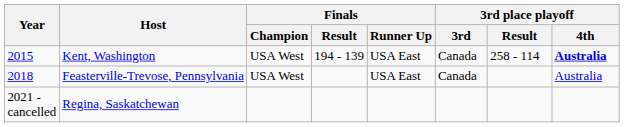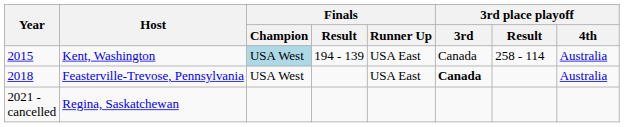 <table class="wikitable">
 <tr align=left style="background:#dfdfdf;">
 <th width=30 rowspan=2>Year</th>
 <th width=nowrap rowspan=2>Host</th>
 <th width=220 colspan=3>Finals</th>
 <th width=220 colspan=3>3rd place playoff</th>
 </tr>
 <tr>
 <th>Champion</th>
 <th>Result</th>
 <th>Runner Up</th>
 <th>3rd</th>
 <th>Result</th>
 <th>4th</th>
 </tr>
 <tr>
 <td><a href='#'>2015</a></td>
 <td> <a href='#'>Kent, Washington</a></td>
-<td> USA West</td>
+<td style="background: lightblue;"> USA West</td>
 <td>194 - 139</td>
 <td> USA East</td>
 <td> Canada</td>
 <td>258 - 114</td>
-<td><strong> <a href='#'>Australia</a></strong></td>
+<td> <a href='#'>Australia</a></td>
 </tr>
 <tr>
 <td><a href='#'>2018</a></td>
 <td> <a href='#'>Feasterville-Trevose, Pennsylvania</a></td>
 <td> USA West</td>
 <td></td>
 <td> USA East</td>
-<td> Canada</td>
+<td><strong> Canada</strong></td>
 <td></td>
 <td> <a href='#'>Australia</a></td>
 </tr>
 <tr>
 <td>2021 - cancelled</td>
 <td> <a href='#'>Regina, Saskatchewan</a></td>
 <td></td>
 <td></td>
 <td></td>
 <td></td>
 <td></td>
 <td></td>
 </tr>
 </table>
